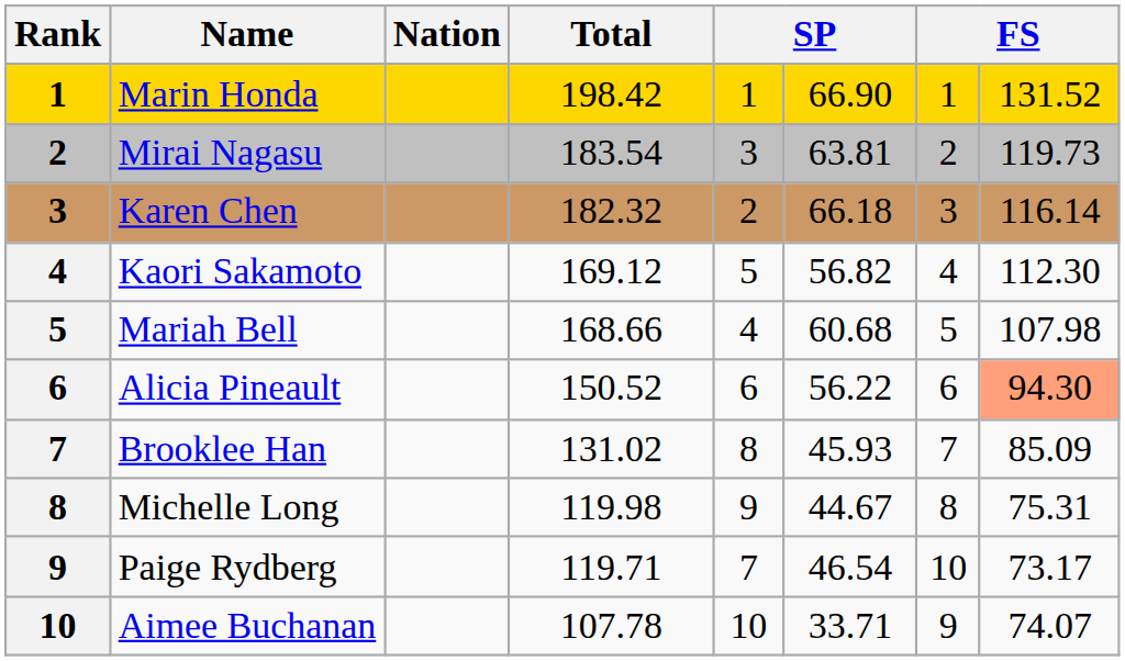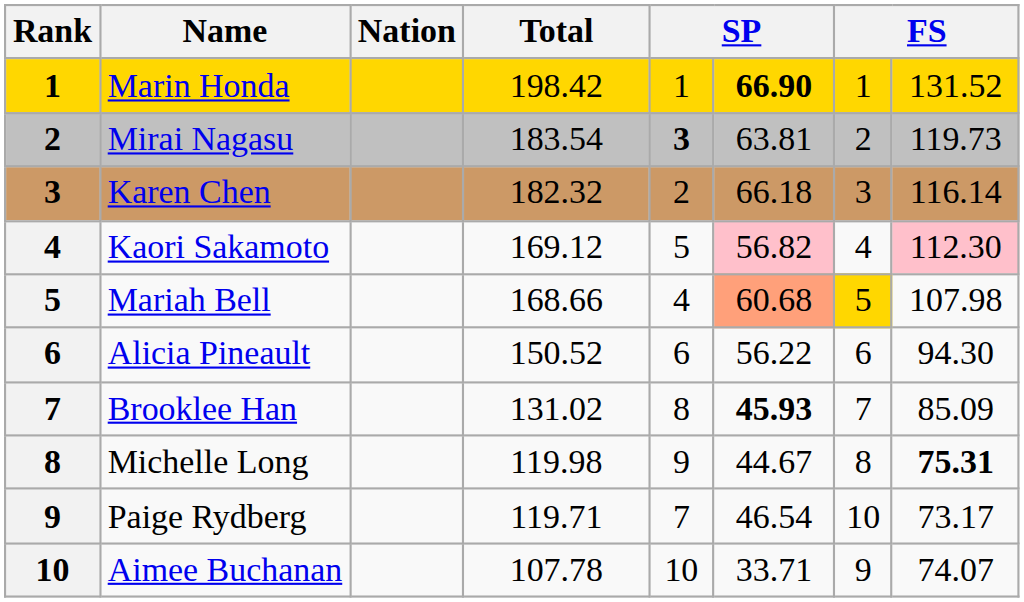 <table class="wikitable sortable">
 <tr>
 <th>Rank</th>
 <th>Name</th>
 <th>Nation</th>
 <th width="80px">Total</th>
 <th colspan="2" width="80px"><a href='#'>SP</a></th>
 <th colspan="2" width="80px"><a href='#'>FS</a></th>
 </tr>
 <tr bgcolor="gold">
 <td align="center"><strong>1</strong></td>
 <td><a href='#'>Marin Honda</a></td>
 <td></td>
 <td align="center">198.42</td>
 <td align="center">1</td>
-<td align="center">66.90</td>
+<td align="center"><strong>66.90</strong></td>
 <td align="center">1</td>
 <td align="center">131.52</td>
 </tr>
 <tr bgcolor="silver">
 <td align="center"><strong>2</strong></td>
 <td><a href='#'>Mirai Nagasu</a></td>
 <td></td>
 <td align="center">183.54</td>
-<td align="center">3</td>
+<td align="center"><strong>3</strong></td>
 <td align="center">63.81</td>
 <td align="center">2</td>
 <td align="center">119.73</td>
 </tr>
 <tr bgcolor="cc9966">
 <td align="center"><strong>3</strong></td>
 <td><a href='#'>Karen Chen</a></td>
 <td></td>
 <td align="center">182.32</td>
 <td align="center">2</td>
 <td align="center">66.18</td>
 <td align="center">3</td>
 <td align="center">116.14</td>
 </tr>
 <tr>
 <th>4</th>
 <td><a href='#'>Kaori Sakamoto</a></td>
 <td></td>
 <td align="center">169.12</td>
 <td align="center">5</td>
-<td align="center">56.82</td>
+<td align="center" style="background: pink;">56.82</td>
 <td align="center">4</td>
-<td align="center">112.30</td>
+<td align="center" style="background: pink;">112.30</td>
 </tr>
 <tr>
 <th>5</th>
 <td><a href='#'>Mariah Bell</a></td>
 <td></td>
 <td align="center">168.66</td>
 <td align="center">4</td>
-<td align="center">60.68</td>
-<td align="center">5</td>
+<td align="center" style="background: lightsalmon;">60.68</td>
+<td align="center" style="background: gold;">5</td>
 <td align="center">107.98</td>
 </tr>
 <tr>
 <th>6</th>
 <td><a href='#'>Alicia Pineault</a></td>
 <td></td>
 <td align="center">150.52</td>
 <td align="center">6</td>
 <td align="center">56.22</td>
 <td align="center">6</td>
-<td align="center" style="background: lightsalmon;">94.30</td>
+<td align="center">94.30</td>
 </tr>
 <tr>
 <th>7</th>
 <td><a href='#'>Brooklee Han</a></td>
 <td></td>
 <td align="center">131.02</td>
 <td align="center">8</td>
-<td align="center">45.93</td>
+<td align="center"><strong>45.93</strong></td>
 <td align="center">7</td>
 <td align="center">85.09</td>
 </tr>
 <tr>
 <th>8</th>
 <td>Michelle Long</td>
 <td></td>
 <td align="center">119.98</td>
 <td align="center">9</td>
 <td align="center">44.67</td>
 <td align="center">8</td>
-<td align="center">75.31</td>
+<td align="center"><strong>75.31</strong></td>
 </tr>
 <tr>
 <th>9</th>
 <td>Paige Rydberg</td>
 <td></td>
 <td align="center">119.71</td>
 <td align="center">7</td>
 <td align="center">46.54</td>
 <td align="center">10</td>
 <td align="center">73.17</td>
 </tr>
 <tr>
 <th>10</th>
 <td><a href='#'>Aimee Buchanan</a></td>
 <td></td>
 <td align="center">107.78</td>
 <td align="center">10</td>
 <td align="center">33.71</td>
 <td align="center">9</td>
 <td align="center">74.07</td>
 </tr>
 </table>
